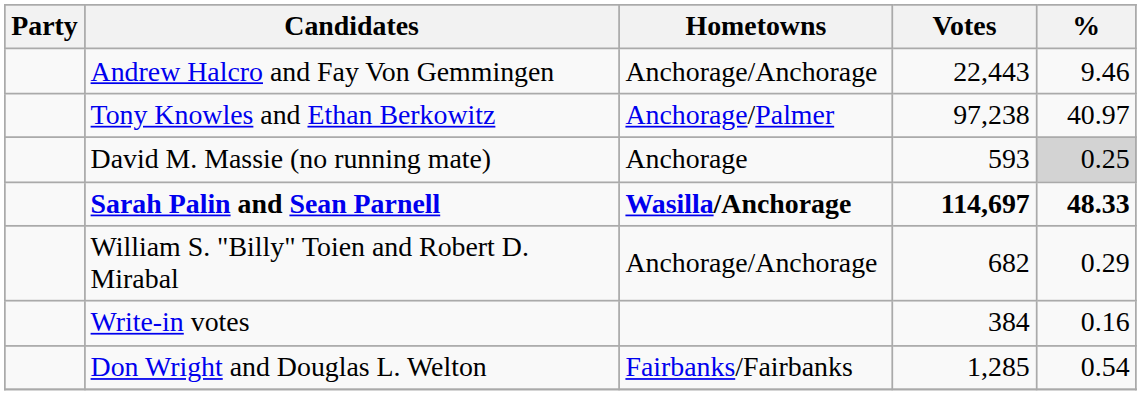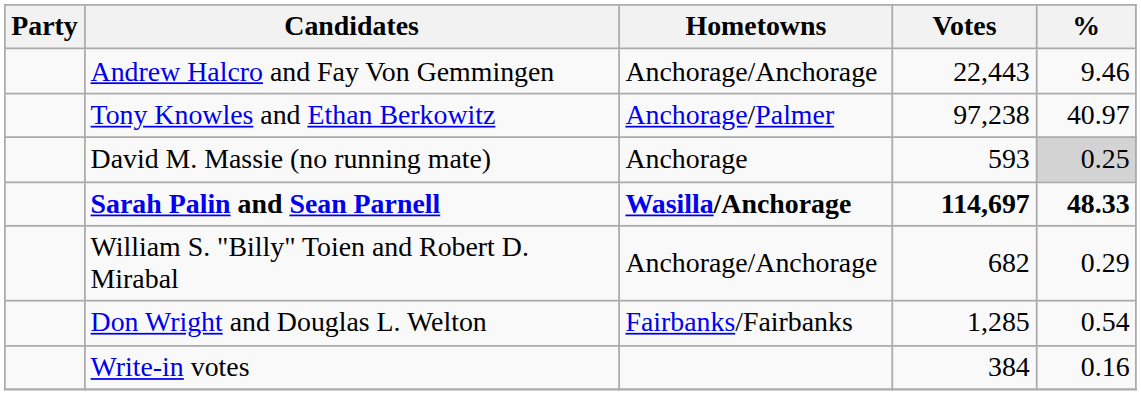 <table class="wikitable">
 <tr>
 <th width="25"><strong>Party</strong></th>
 <th width="300" valign="top"><strong>Candidates</strong></th>
 <th width="150" valign="top"><strong>Hometowns</strong></th>
 <th width="75" valign="top"><strong>Votes</strong></th>
 <th width="50" valign="top"><strong>%</strong></th>
 </tr>
 <tr>
 <td style="background-color:"></td>
 <td><a href='#'>Andrew Halcro</a> and Fay Von Gemmingen</td>
 <td>Anchorage/Anchorage</td>
 <td style="text-align:right;">22,443</td>
 <td style="text-align:right;">9.46</td>
 </tr>
 <tr>
 <td style="background-color:"></td>
 <td><a href='#'>Tony Knowles</a> and <a href='#'>Ethan Berkowitz</a></td>
 <td><a href='#'>Anchorage</a>/<a href='#'>Palmer</a></td>
 <td style="text-align:right;">97,238</td>
 <td style="text-align:right;">40.97</td>
 </tr>
 <tr>
 <td style="background-color:"></td>
 <td>David M. Massie (no running mate)</td>
 <td>Anchorage</td>
 <td style="text-align:right;">593</td>
 <td style="background: lightgrey; text-align:right;">0.25</td>
 </tr>
 <tr>
 <td style="background-color:"></td>
 <td><strong><a href='#'>Sarah Palin</a> and <a href='#'>Sean Parnell</a></strong></td>
 <td><strong><a href='#'>Wasilla</a>/Anchorage</strong></td>
 <td style="text-align:right;"><strong>114,697</strong></td>
 <td style="text-align:right;"><strong>48.33</strong></td>
 </tr>
 <tr>
 <td style="background-color:"></td>
 <td>William S. "Billy" Toien and Robert D. Mirabal</td>
 <td>Anchorage/Anchorage</td>
 <td style="text-align:right;">682</td>
 <td style="text-align:right;">0.29</td>
 </tr>
 <tr>
+<td style="background-color:"></td>
+<td><a href='#'>Don Wright</a> and Douglas L. Welton</td>
+<td><a href='#'>Fairbanks</a>/Fairbanks</td>
+<td style="text-align:right;">1,285</td>
+<td style="text-align:right;">0.54</td>
+</tr>
+<tr>
 <td></td>
 <td><a href='#'>Write-in</a> votes</td>
 <td></td>
 <td style="text-align:right;">384</td>
 <td style="text-align:right;">0.16</td>
 </tr>
 <tr>
-<td style="background-color:"></td>
-<td><a href='#'>Don Wright</a> and Douglas L. Welton</td>
-<td><a href='#'>Fairbanks</a>/Fairbanks</td>
-<td style="text-align:right;">1,285</td>
-<td style="text-align:right;">0.54</td>
-</tr>
-<tr>
 </tr>
 </table>
